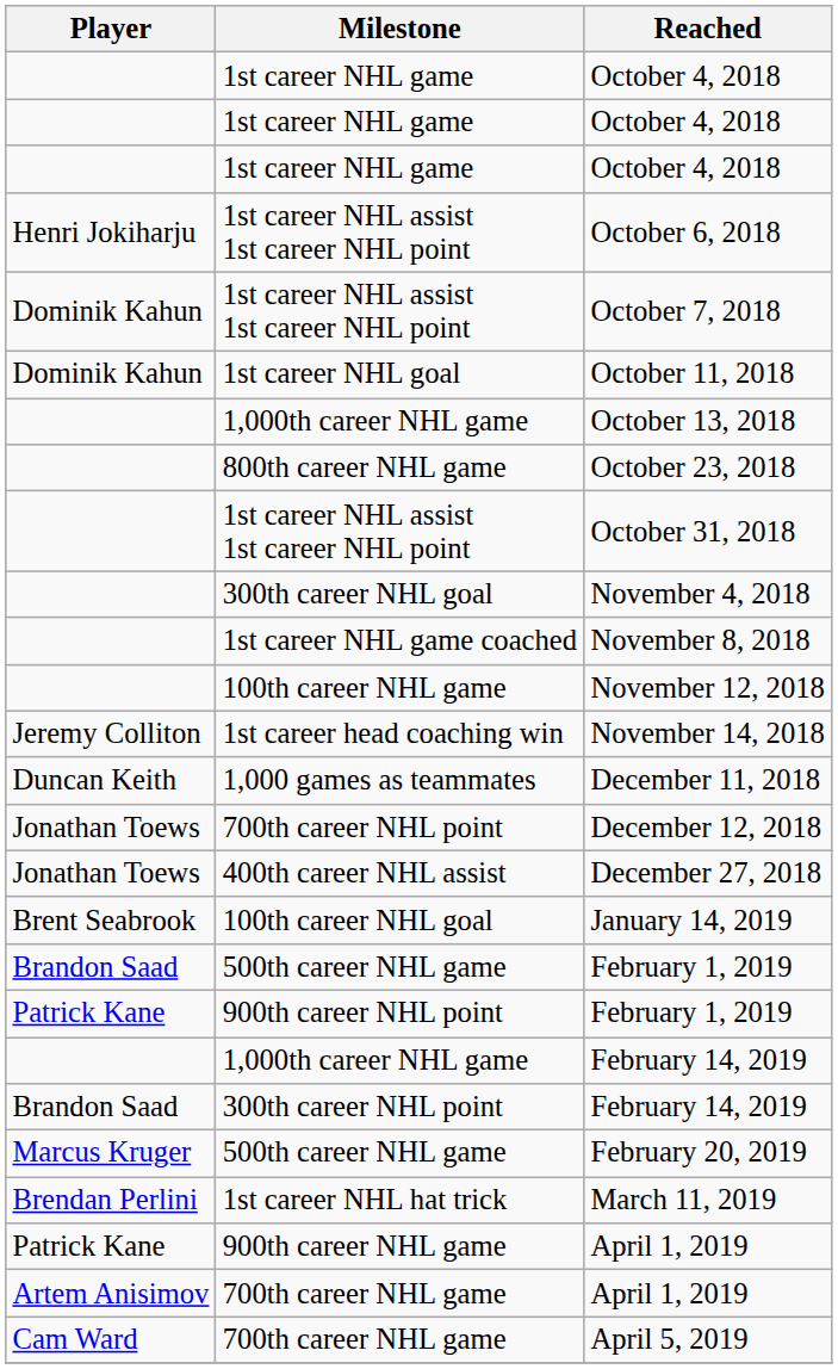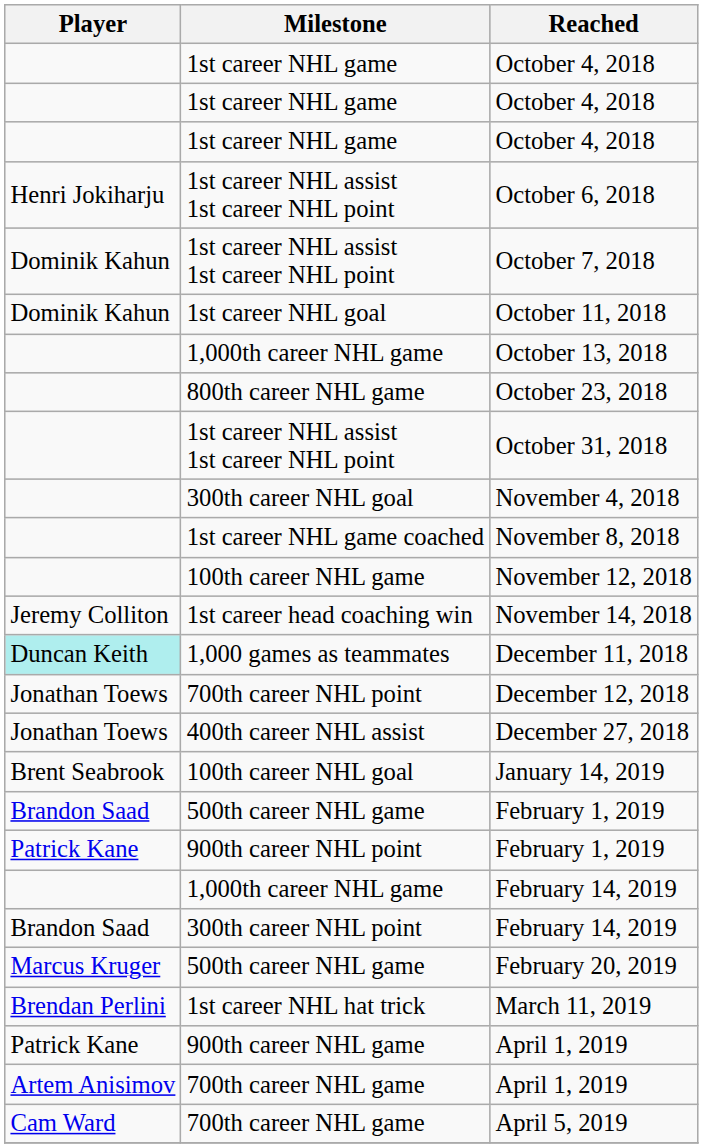 <table class="wikitable sortable">
 <tr>
 <th>Player</th>
 <th>Milestone</th>
 <th data-sort-type="date">Reached</th>
 </tr>
 <tr>
 <td></td>
 <td>1st career NHL game</td>
 <td>October 4, 2018</td>
 </tr>
 <tr>
 <td></td>
 <td>1st career NHL game</td>
 <td>October 4, 2018</td>
 </tr>
 <tr>
 <td></td>
 <td>1st career NHL game</td>
 <td>October 4, 2018</td>
 </tr>
 <tr>
 <td>Henri Jokiharju</td>
 <td>1st career NHL assist<br>1st career NHL point</td>
 <td>October 6, 2018</td>
 </tr>
 <tr>
 <td>Dominik Kahun</td>
 <td>1st career NHL assist<br>1st career NHL point</td>
 <td>October 7, 2018</td>
 </tr>
 <tr>
 <td>Dominik Kahun</td>
 <td>1st career NHL goal</td>
 <td>October 11, 2018</td>
 </tr>
 <tr>
 <td></td>
 <td>1,000th career NHL game</td>
 <td>October 13, 2018</td>
 </tr>
 <tr>
 <td></td>
 <td>800th career NHL game</td>
 <td>October 23, 2018</td>
 </tr>
 <tr>
 <td></td>
 <td>1st career NHL assist<br>1st career NHL point</td>
 <td>October 31, 2018</td>
 </tr>
 <tr>
 <td></td>
 <td>300th career NHL goal</td>
 <td>November 4, 2018</td>
 </tr>
 <tr>
 <td></td>
 <td>1st career NHL game coached</td>
 <td>November 8, 2018</td>
 </tr>
 <tr>
 <td></td>
 <td>100th career NHL game</td>
 <td>November 12, 2018</td>
 </tr>
 <tr>
 <td>Jeremy Colliton</td>
 <td>1st career head coaching win</td>
 <td>November 14, 2018</td>
 </tr>
 <tr>
-<td>Duncan Keith<br></td>
+<td style="background: paleturquoise;">Duncan Keith<br></td>
 <td>1,000 games as teammates</td>
 <td>December 11, 2018</td>
 </tr>
 <tr>
 <td>Jonathan Toews</td>
 <td>700th career NHL point</td>
 <td>December 12, 2018</td>
 </tr>
 <tr>
 <td>Jonathan Toews</td>
 <td>400th career NHL assist</td>
 <td>December 27, 2018</td>
 </tr>
 <tr>
 <td>Brent Seabrook</td>
 <td>100th career NHL goal</td>
 <td>January 14, 2019</td>
 </tr>
 <tr>
 <td><a href='#'>Brandon Saad</a></td>
 <td>500th career NHL game</td>
 <td>February 1, 2019</td>
 </tr>
 <tr>
 <td><a href='#'>Patrick Kane</a></td>
 <td>900th career NHL point</td>
 <td>February 1, 2019</td>
 </tr>
 <tr>
 <td></td>
 <td>1,000th career NHL game</td>
 <td>February 14, 2019</td>
 </tr>
 <tr>
 <td>Brandon Saad</td>
 <td>300th career NHL point</td>
 <td>February 14, 2019</td>
 </tr>
 <tr>
 <td><a href='#'>Marcus Kruger</a></td>
 <td>500th career NHL game</td>
 <td>February 20, 2019</td>
 </tr>
 <tr>
 <td><a href='#'>Brendan Perlini</a></td>
 <td>1st career NHL hat trick</td>
 <td>March 11, 2019</td>
 </tr>
 <tr>
 <td>Patrick Kane</td>
 <td>900th career NHL game</td>
 <td>April 1, 2019</td>
 </tr>
 <tr>
 <td><a href='#'>Artem Anisimov</a></td>
 <td>700th career NHL game</td>
 <td>April 1, 2019</td>
 </tr>
 <tr>
 <td><a href='#'>Cam Ward</a></td>
 <td>700th career NHL game</td>
 <td>April 5, 2019</td>
 </tr>
 <tr>
 </tr>
 </table>
